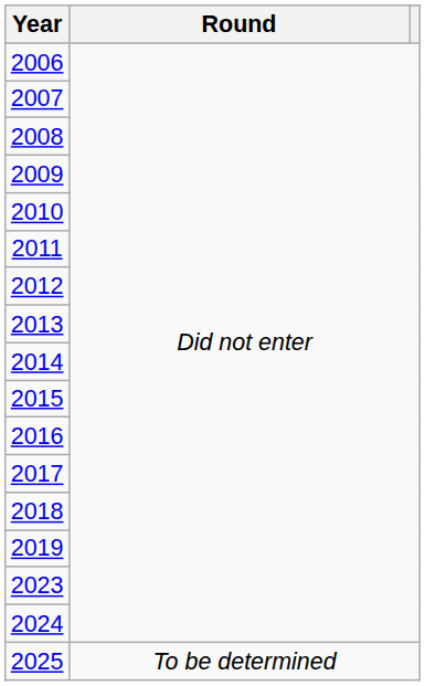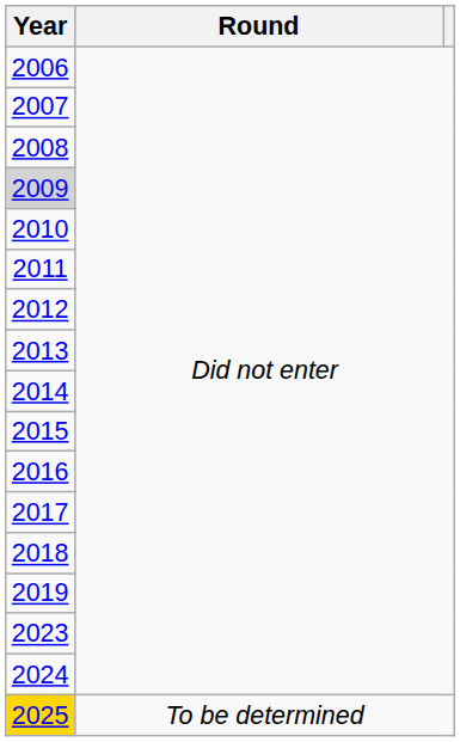 <table class="wikitable" style="text-align: center; font-size:90%">
 <tr>
 <th>Year</th>
 <th style="width:200px">Round</th>
 <th></th>
 </tr>
 <tr>
 <td><a href='#'>2006</a></td>
 <td colspan="2" rowspan="16"><em>Did not enter</em></td>
 </tr>
 <tr>
 <td><a href='#'>2007</a></td>
 </tr>
 <tr>
 <td><a href='#'>2008</a></td>
 </tr>
 <tr>
-<td><a href='#'>2009</a></td>
+<td style="background: lightgrey;"><a href='#'>2009</a></td>
 </tr>
 <tr>
 <td><a href='#'>2010</a></td>
 </tr>
 <tr>
 <td><a href='#'>2011</a></td>
 </tr>
 <tr>
 <td><a href='#'>2012</a></td>
 </tr>
 <tr>
 <td><a href='#'>2013</a></td>
 </tr>
 <tr>
 <td><a href='#'>2014</a></td>
 </tr>
 <tr>
 <td><a href='#'>2015</a></td>
 </tr>
 <tr>
 <td><a href='#'>2016</a></td>
 </tr>
 <tr>
 <td><a href='#'>2017</a></td>
 </tr>
 <tr>
 <td><a href='#'>2018</a></td>
 </tr>
 <tr>
 <td><a href='#'>2019</a></td>
 </tr>
 <tr>
 <td><a href='#'>2023</a></td>
 </tr>
 <tr>
 <td><a href='#'>2024</a></td>
 </tr>
 <tr>
-<td><a href='#'>2025</a></td>
+<td style="background: gold;"><a href='#'>2025</a></td>
 <td colspan="2"><em>To be determined</em></td>
 </tr>
 </table>
